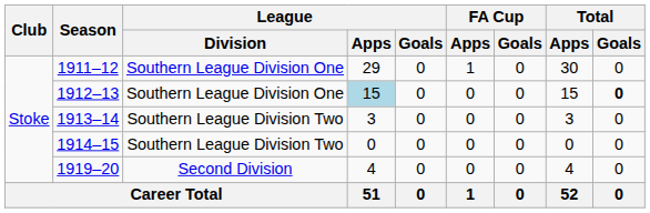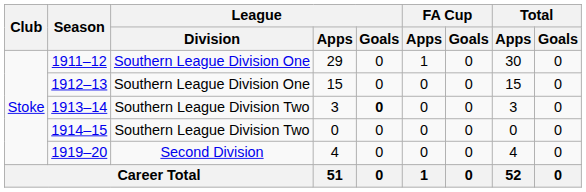 <table class="wikitable" style="text-align: center;">
 <tr>
 <th rowspan="2">Club</th>
 <th rowspan="2">Season</th>
 <th colspan="3">League</th>
 <th colspan="2">FA Cup</th>
 <th colspan="2">Total</th>
 </tr>
 <tr>
 <th>Division</th>
 <th>Apps</th>
 <th>Goals</th>
 <th>Apps</th>
 <th>Goals</th>
 <th>Apps</th>
 <th>Goals</th>
 </tr>
 <tr>
 <td rowspan="5"><a href='#'>Stoke</a></td>
 <td><a href='#'>1911–12</a></td>
 <td><a href='#'>Southern League Division One</a></td>
 <td>29</td>
 <td>0</td>
 <td>1</td>
 <td>0</td>
 <td>30</td>
 <td>0</td>
 </tr>
 <tr>
 <td><a href='#'>1912–13</a></td>
 <td>Southern League Division One</td>
-<td style="background: lightblue;">15</td>
+<td>15</td>
 <td>0</td>
 <td>0</td>
 <td>0</td>
 <td>15</td>
-<td><strong>0</strong></td>
+<td>0</td>
 </tr>
 <tr>
 <td><a href='#'>1913–14</a></td>
 <td>Southern League Division Two</td>
 <td>3</td>
-<td>0</td>
+<td><strong>0</strong></td>
 <td>0</td>
 <td>0</td>
 <td>3</td>
 <td>0</td>
 </tr>
 <tr>
 <td><a href='#'>1914–15</a></td>
 <td>Southern League Division Two</td>
 <td>0</td>
 <td>0</td>
 <td>0</td>
 <td>0</td>
 <td>0</td>
 <td>0</td>
 </tr>
 <tr>
 <td><a href='#'>1919–20</a></td>
 <td><a href='#'>Second Division</a></td>
 <td>4</td>
 <td>0</td>
 <td>0</td>
 <td>0</td>
 <td>4</td>
 <td>0</td>
 </tr>
 <tr>
 <th colspan="3">Career Total</th>
 <th>51</th>
 <th>0</th>
 <th>1</th>
 <th>0</th>
 <th>52</th>
 <th>0</th>
 </tr>
 </table>
